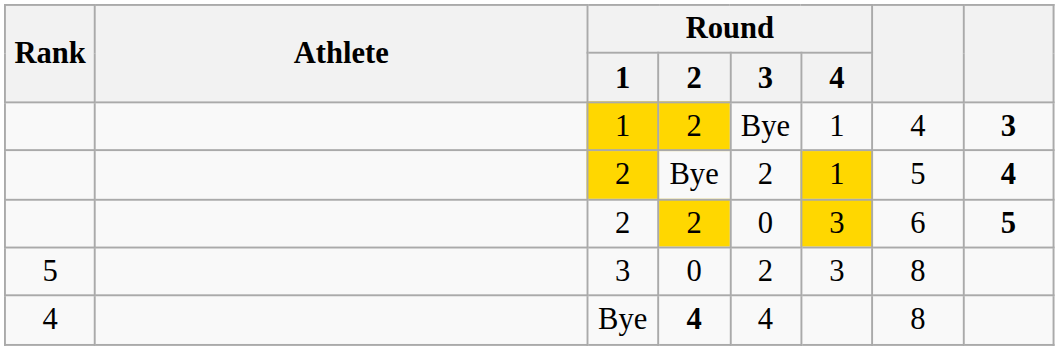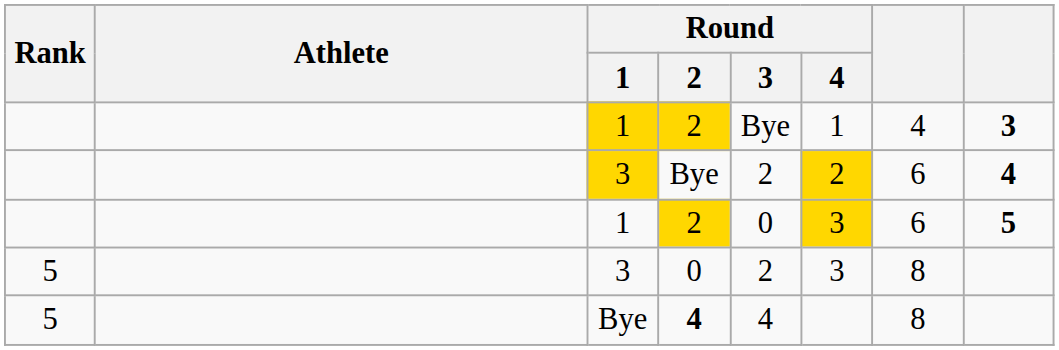 <table class="wikitable" style="text-align: center;">
 <tr>
 <th rowspan="2" width=40>Rank</th>
 <th rowspan="2" width=250>Athlete</th>
 <th colspan="4">Round</th>
 <th rowspan="2" width=40></th>
 <th rowspan="2" width=40></th>
 </tr>
 <tr>
 <th width=30>1</th>
 <th width=30>2</th>
 <th width=30>3</th>
 <th width=30>4</th>
 </tr>
 <tr>
 <td></td>
 <td align="left"></td>
 <td bgcolor=gold>1</td>
 <td bgcolor=gold>2</td>
 <td>Bye</td>
 <td>1</td>
 <td>4</td>
 <td><strong>3</strong></td>
 </tr>
 <tr>
 <td></td>
 <td align="left"></td>
-<td bgcolor=gold>2</td>
+<td bgcolor=gold>3</td>
 <td>Bye</td>
 <td>2</td>
-<td bgcolor=gold>1</td>
-<td>5</td>
+<td bgcolor=gold>2</td>
+<td>6</td>
 <td><strong>4</strong></td>
 </tr>
 <tr>
 <td></td>
 <td align="left"></td>
-<td>2</td>
+<td>1</td>
 <td bgcolor=gold>2</td>
 <td>0</td>
 <td bgcolor=gold>3</td>
 <td>6</td>
 <td><strong>5</strong></td>
 </tr>
 <tr>
 <td>5</td>
 <td align="left"></td>
 <td>3</td>
 <td>0</td>
 <td>2</td>
 <td>3</td>
 <td>8</td>
 <td></td>
 </tr>
 <tr>
-<td>4</td>
+<td>5</td>
 <td align="left"></td>
 <td>Bye</td>
 <td><strong>4</strong></td>
 <td>4</td>
 <td></td>
 <td>8</td>
 <td></td>
 </tr>
 </table>
